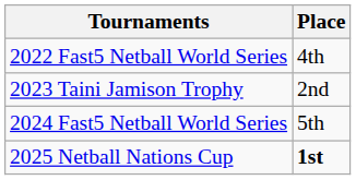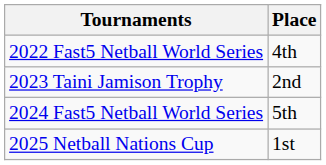 <table class="wikitable">
 <tr>
 <th>Tournaments</th>
 <th>Place</th>
 </tr>
 <tr>
 <td><a href='#'>2022 Fast5 Netball World Series</a></td>
 <td>4th</td>
 </tr>
 <tr>
 <td><a href='#'>2023 Taini Jamison Trophy</a></td>
 <td>2nd</td>
 </tr>
 <tr>
 <td><a href='#'>2024 Fast5 Netball World Series</a></td>
 <td>5th</td>
 </tr>
 <tr>
 <td><a href='#'>2025 Netball Nations Cup</a></td>
-<td><strong>1st</strong></td>
+<td>1st</td>
 </tr>
 </table>
